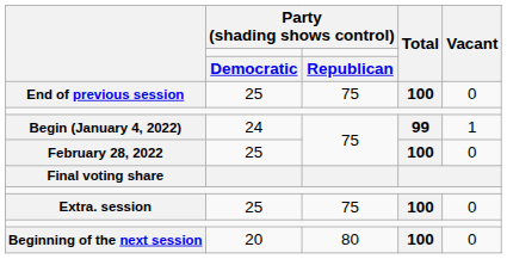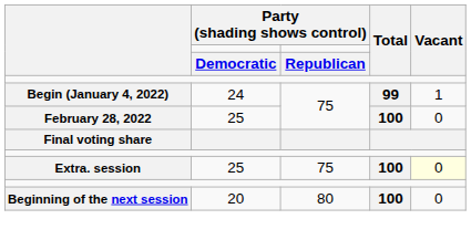 <table class="wikitable" style="text-align:center">
 <tr>
 <th rowspan="3" scope="col"> </th>
 <th colspan="2" scope="col">Party<div>(shading shows control)</div></th>
 <th rowspan="3" scope="col">Total</th>
 <th rowspan="3" scope="col">Vacant</th>
 </tr>
 <tr style="height:5px">
 <td style="background-color:"></td>
 <td style="background-color:"></td>
 </tr>
 <tr>
 <th scope="col"><a href='#'>Democratic</a></th>
 <th scope="col"><a href='#'>Republican</a></th>
-</tr>
-<tr>
-<th scope="row" style="font-size:85%">End of <a href='#'>previous session</a></th>
-<td>25</td>
-<td>75</td>
-<th>100</th>
-<td>0</td>
 </tr>
 <tr>
 <td colspan="5"></td>
 </tr>
 <tr>
 <th scope="row" style="font-size:85%">Begin (January 4, 2022)</th>
 <td>24</td>
 <td rowspan="2" >75</td>
 <th>99</th>
 <td>1</td>
 </tr>
 <tr>
 <th scope="row" style="font-size:85%">February 28, 2022</th>
 <td>25</td>
 <th>100</th>
 <td>0</td>
 </tr>
 <tr>
 <th scope="row" style="font-size:85%">Final voting share</th>
 <th></th>
 <th></th>
 <th colspan="2"></th>
 </tr>
 <tr>
 <td colspan="5"></td>
 </tr>
 <tr>
 <th scope="row" style="font-size:85%">Extra. session</th>
 <td>25</td>
 <td>75</td>
 <th>100</th>
-<td>0</td>
+<td style="background: lightyellow;">0</td>
 </tr>
 <tr>
 <td colspan="5"></td>
 </tr>
 <tr>
 <th scope="row" style="font-size:85%">Beginning of the <a href='#'>next session</a></th>
 <td>20</td>
 <td>80</td>
 <th>100</th>
 <td>0</td>
 </tr>
 </table>
